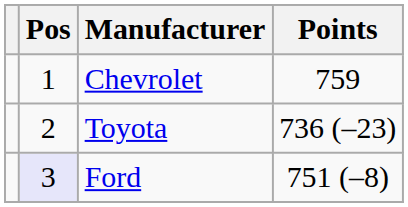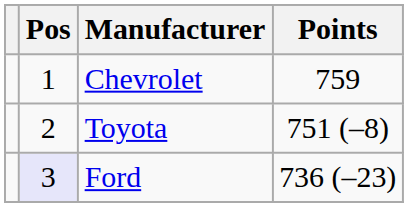 <table class="wikitable" style="font-size: 95%;">
 <tr>
 <th></th>
 <th>Pos</th>
 <th>Manufacturer</th>
 <th>Points</th>
 </tr>
 <tr>
 <td align="left"></td>
 <td style="text-align:center;">1</td>
 <td><a href='#'>Chevrolet</a></td>
 <td style="text-align:center;">759</td>
 </tr>
 <tr>
 <td align="left"></td>
 <td style="text-align:center;">2</td>
 <td><a href='#'>Toyota</a></td>
-<td style="text-align:center;">736 (–23)</td>
+<td style="text-align:center;">751 (–8)</td>
 </tr>
 <tr>
 <td align="left"></td>
 <td style="background: lavender; text-align:center;">3</td>
 <td><a href='#'>Ford</a></td>
-<td style="text-align:center;">751 (–8)</td>
+<td style="text-align:center;">736 (–23)</td>
 </tr>
 <tr class="sortbottom">
 </tr>
 </table>
